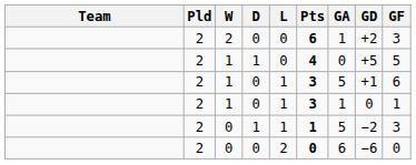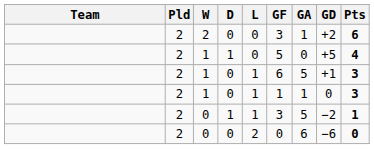 <table class="wikitable" style="text-align:center">
 <tr>
 <th width=165>Team</th>
 <th width=20>Pld</th>
 <th width=20>W</th>
 <th width=20>D</th>
 <th width=20>L</th>
-<th width=20>Pts</th>
+<th width=20>GF</th>
 <th width=20>GA</th>
 <th width=20>GD</th>
-<th width=20>GF</th>
+<th width=20>Pts</th>
 </tr>
 <tr>
 <td align=left></td>
 <td>2</td>
 <td>2</td>
 <td>0</td>
 <td>0</td>
-<td><strong>6</strong></td>
+<td>3</td>
 <td>1</td>
 <td>+2</td>
-<td>3</td>
+<td><strong>6</strong></td>
 </tr>
 <tr>
 <td align=left></td>
 <td>2</td>
 <td>1</td>
 <td>1</td>
 <td>0</td>
-<td><strong>4</strong></td>
+<td>5</td>
 <td>0</td>
 <td>+5</td>
-<td>5</td>
+<td><strong>4</strong></td>
 </tr>
 <tr>
 <td align=left></td>
 <td>2</td>
 <td>1</td>
 <td>0</td>
 <td>1</td>
-<td><strong>3</strong></td>
+<td>6</td>
 <td>5</td>
 <td>+1</td>
-<td>6</td>
+<td><strong>3</strong></td>
 </tr>
 <tr>
 <td align=left></td>
 <td>2</td>
 <td>1</td>
 <td>0</td>
 <td>1</td>
-<td><strong>3</strong></td>
+<td>1</td>
 <td>1</td>
 <td>0</td>
-<td>1</td>
+<td><strong>3</strong></td>
 </tr>
 <tr>
 <td align=left></td>
 <td>2</td>
 <td>0</td>
 <td>1</td>
 <td>1</td>
-<td><strong>1</strong></td>
+<td>3</td>
 <td>5</td>
 <td>−2</td>
-<td>3</td>
+<td><strong>1</strong></td>
 </tr>
 <tr>
 <td align=left></td>
 <td>2</td>
 <td>0</td>
 <td>0</td>
 <td>2</td>
-<td><strong>0</strong></td>
+<td>0</td>
 <td>6</td>
 <td>−6</td>
-<td>0</td>
+<td><strong>0</strong></td>
 </tr>
 </table>
